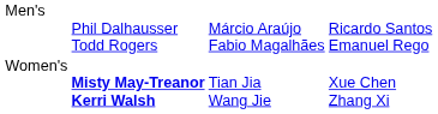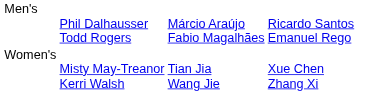 <table>
 <tr valign="top">
 <td>Men's <br></td>
 <td><br><a href='#'>Phil Dalhausser</a><br><a href='#'>Todd Rogers</a></td>
 <td><br><a href='#'>Márcio Araújo</a><br><a href='#'>Fabio Magalhães</a></td>
 <td><br><a href='#'>Ricardo Santos</a><br><a href='#'>Emanuel Rego</a></td>
 </tr>
 <tr valign="top">
 <td>Women's <br></td>
-<td><strong><br><a href='#'>Misty May-Treanor</a><br><a href='#'>Kerri Walsh</a></strong></td>
+<td><br><a href='#'>Misty May-Treanor</a><br><a href='#'>Kerri Walsh</a></td>
 <td><br><a href='#'>Tian Jia</a><br><a href='#'>Wang Jie</a></td>
 <td><br><a href='#'>Xue Chen</a><br><a href='#'>Zhang Xi</a></td>
 </tr>
 </table>
